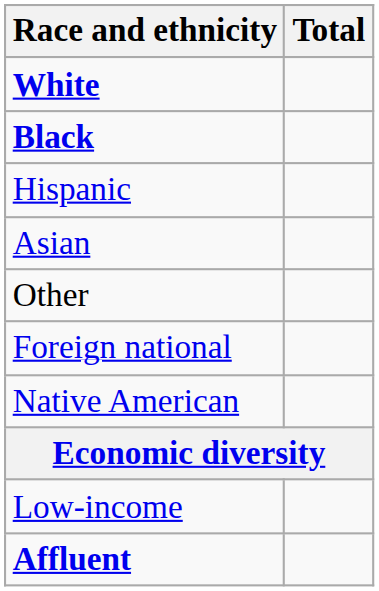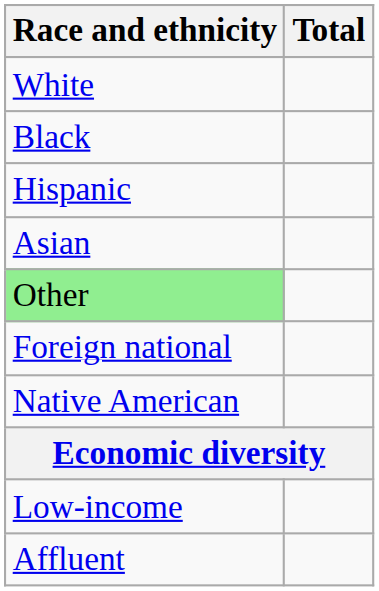 <table class="wikitable floatright sortable collapsible"; text-align:right; font-size:80%;">
 <tr>
 <th>Race and ethnicity</th>
 <th colspan="2" data-sort-type=number>Total</th>
 </tr>
 <tr>
-<td><strong><a href='#'>White</a></strong></td>
+<td><a href='#'>White</a></td>
 <td align=right></td>
 </tr>
 <tr>
-<td><strong><a href='#'>Black</a></strong></td>
+<td><a href='#'>Black</a></td>
 <td align=right></td>
 </tr>
 <tr>
 <td><a href='#'>Hispanic</a></td>
 <td align=right></td>
 </tr>
 <tr>
 <td><a href='#'>Asian</a></td>
 <td align=right></td>
 </tr>
 <tr>
-<td>Other</td>
+<td style="background: lightgreen;">Other</td>
 <td align=right></td>
 </tr>
 <tr>
 <td><a href='#'>Foreign national</a></td>
 <td align=right></td>
 </tr>
 <tr>
 <td><a href='#'>Native American</a></td>
 <td align=right></td>
 </tr>
 <tr>
 <th colspan="4" data-sort-type=number><a href='#'>Economic diversity</a></th>
 </tr>
 <tr>
 <td><a href='#'>Low-income</a></td>
 <td align=right></td>
 </tr>
 <tr>
-<td><strong><a href='#'>Affluent</a></strong></td>
+<td><a href='#'>Affluent</a></td>
 <td align=right></td>
 </tr>
 </table>
